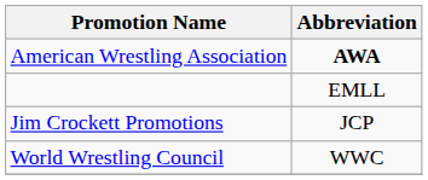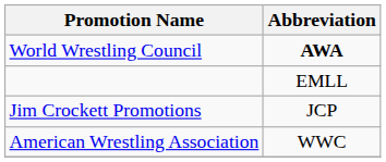 <table class="wikitable">
 <tr>
 <th>Promotion Name</th>
 <th>Abbreviation</th>
 </tr>
 <tr>
-<td><a href='#'>American Wrestling Association</a></td>
+<td><a href='#'>World Wrestling Council</a></td>
 <td align=center><strong>AWA</strong></td>
 </tr>
 <tr>
 <td></td>
 <td align=center>EMLL</td>
 </tr>
 <tr>
 <td><a href='#'>Jim Crockett Promotions</a></td>
 <td align=center>JCP</td>
 </tr>
 <tr>
-<td><a href='#'>World Wrestling Council</a></td>
+<td><a href='#'>American Wrestling Association</a></td>
 <td align=center>WWC</td>
 </tr>
 <tr>
 </tr>
 </table>
